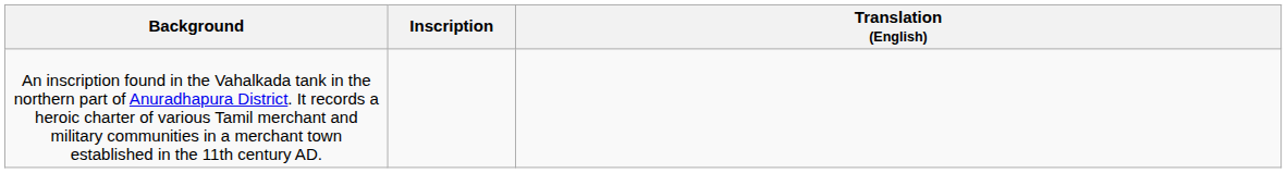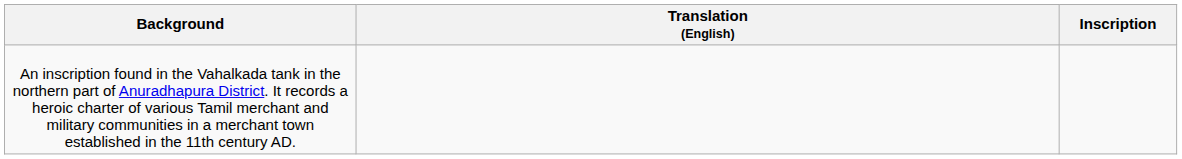 <table class="wikitable centre">
 <tr>
 <th scope="col" align=left>Background<br></th>
+<th>Translation<br><small>(English)</small></th>
 <th>Inscription<br></th>
-<th>Translation<br><small>(English)</small></th>
 </tr>
 <tr>
 <td align=center width="30%"><br>An inscription found in the Vahalkada tank in the northern part of <a href='#'>Anuradhapura District</a>. It records a heroic charter of various Tamil merchant and military communities in a merchant town established in the 11th century AD.</td>
+<td align=left><br></td>
 <td align=center width="10%"><br></td>
-<td align=left><br></td>
 </tr>
 </table>
